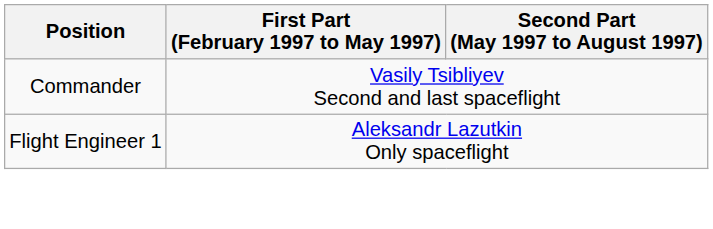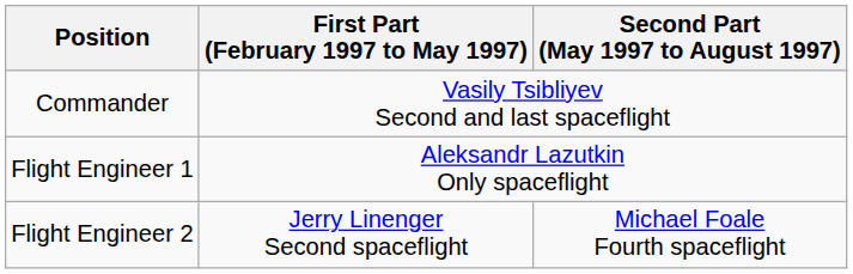 <table class="wikitable">
 <tr>
 <th>Position</th>
 <th>First Part<br>(February 1997 to May 1997)</th>
 <th>Second Part<br>(May 1997 to August 1997)</th>
 </tr>
 <tr align=center>
 <td>Commander</td>
 <td colspan=2; align=center> <a href='#'>Vasily Tsibliyev </a><br>Second and last spaceflight</td>
 </tr>
 <tr align=center>
 <td>Flight Engineer 1</td>
 <td colspan=2; align=center> <a href='#'>Aleksandr Lazutkin</a><br>Only spaceflight</td>
 </tr>
+<tr align=center>
+<td>Flight Engineer 2</td>
+<td> <a href='#'>Jerry Linenger</a><br>Second spaceflight</td>
+<td>  <a href='#'>Michael Foale</a><br>Fourth spaceflight</td>
+</tr>
 </table>
